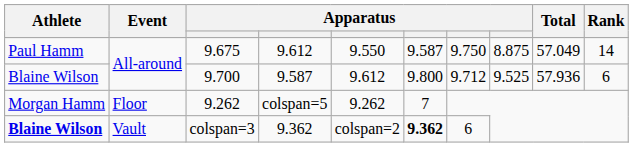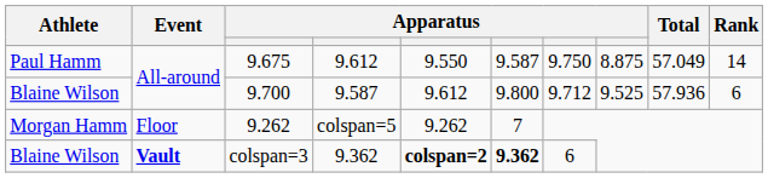 <table class=wikitable style=font-size:90%;text-align:center>
 <tr>
 <th rowspan=2>Athlete</th>
 <th rowspan=2>Event</th>
 <th colspan=6>Apparatus</th>
 <th rowspan=2>Total</th>
 <th rowspan=2>Rank</th>
 </tr>
 <tr style=font-size:95%>
 <th></th>
 <th></th>
 <th></th>
 <th></th>
 <th></th>
 <th></th>
 </tr>
 <tr>
 <td align=left><a href='#'>Paul Hamm</a></td>
 <td align=left rowspan=2><a href='#'>All-around</a></td>
 <td>9.675</td>
 <td>9.612</td>
 <td>9.550</td>
 <td>9.587</td>
 <td>9.750</td>
 <td>8.875</td>
 <td>57.049</td>
 <td>14</td>
 </tr>
 <tr>
 <td align=left><a href='#'>Blaine Wilson</a></td>
 <td>9.700</td>
 <td>9.587</td>
 <td>9.612</td>
 <td>9.800</td>
 <td>9.712</td>
 <td>9.525</td>
 <td>57.936</td>
 <td>6</td>
 </tr>
 <tr>
 <td align=left><a href='#'>Morgan Hamm</a></td>
 <td align=left><a href='#'>Floor</a></td>
 <td>9.262</td>
 <td>colspan=5 </td>
 <td>9.262</td>
 <td>7</td>
 </tr>
 <tr>
-<td align=left><strong><a href='#'>Blaine Wilson</a></strong></td>
-<td align=left><a href='#'>Vault</a></td>
+<td align=left><a href='#'>Blaine Wilson</a></td>
+<td align=left><strong><a href='#'>Vault</a></strong></td>
 <td>colspan=3 </td>
 <td>9.362</td>
-<td>colspan=2 </td>
+<td><strong>colspan=2 </strong></td>
 <td><strong>9.362</strong></td>
 <td>6</td>
 </tr>
 </table>
